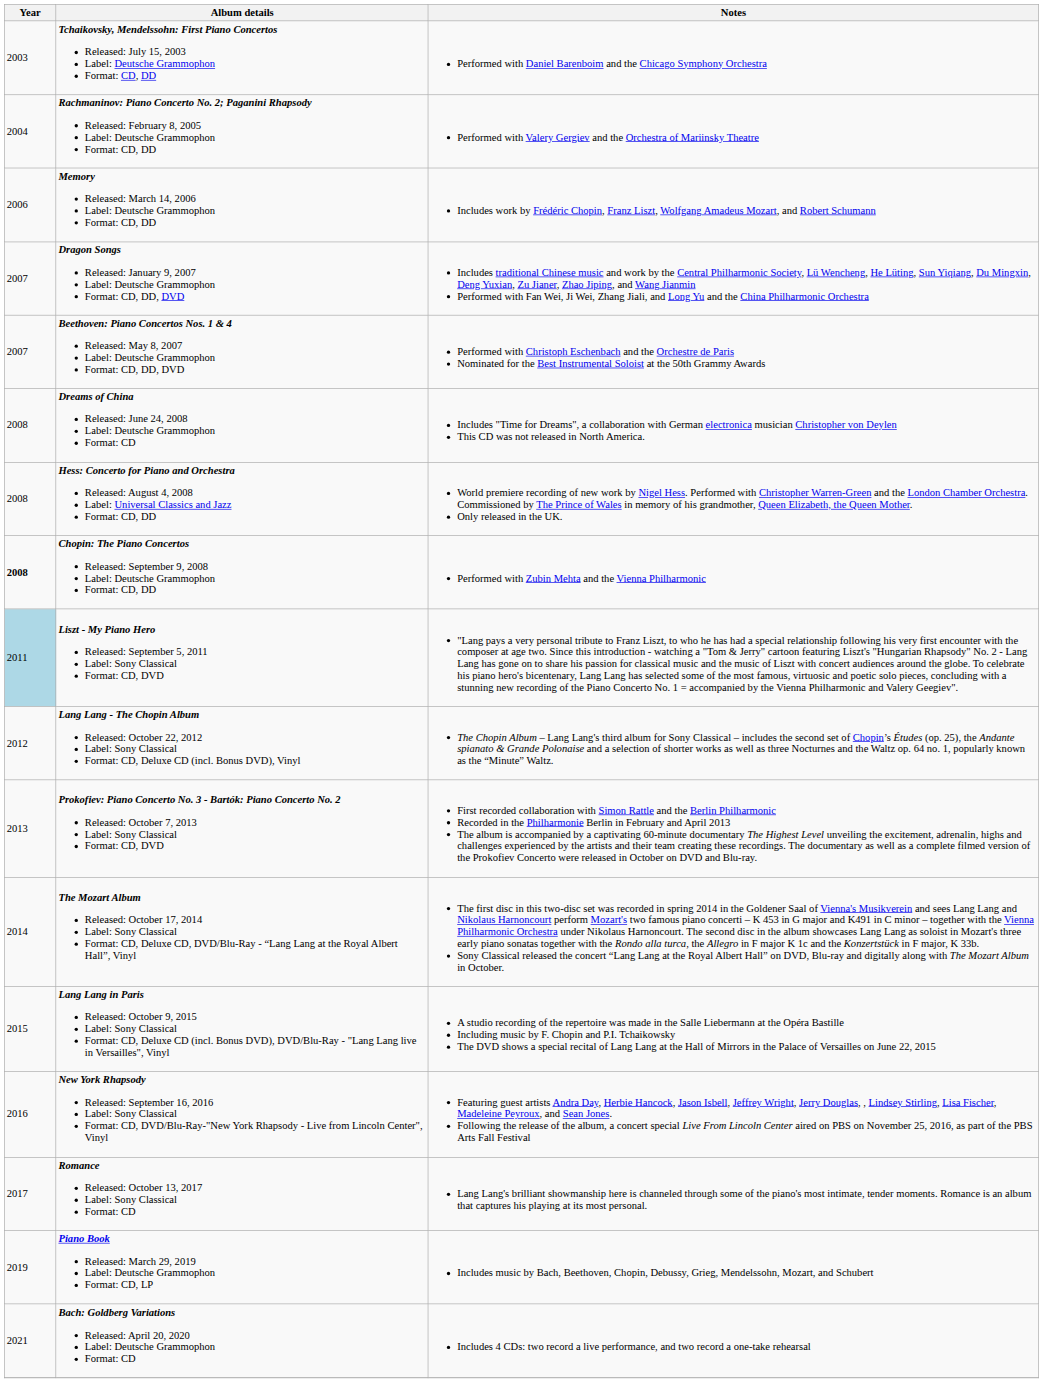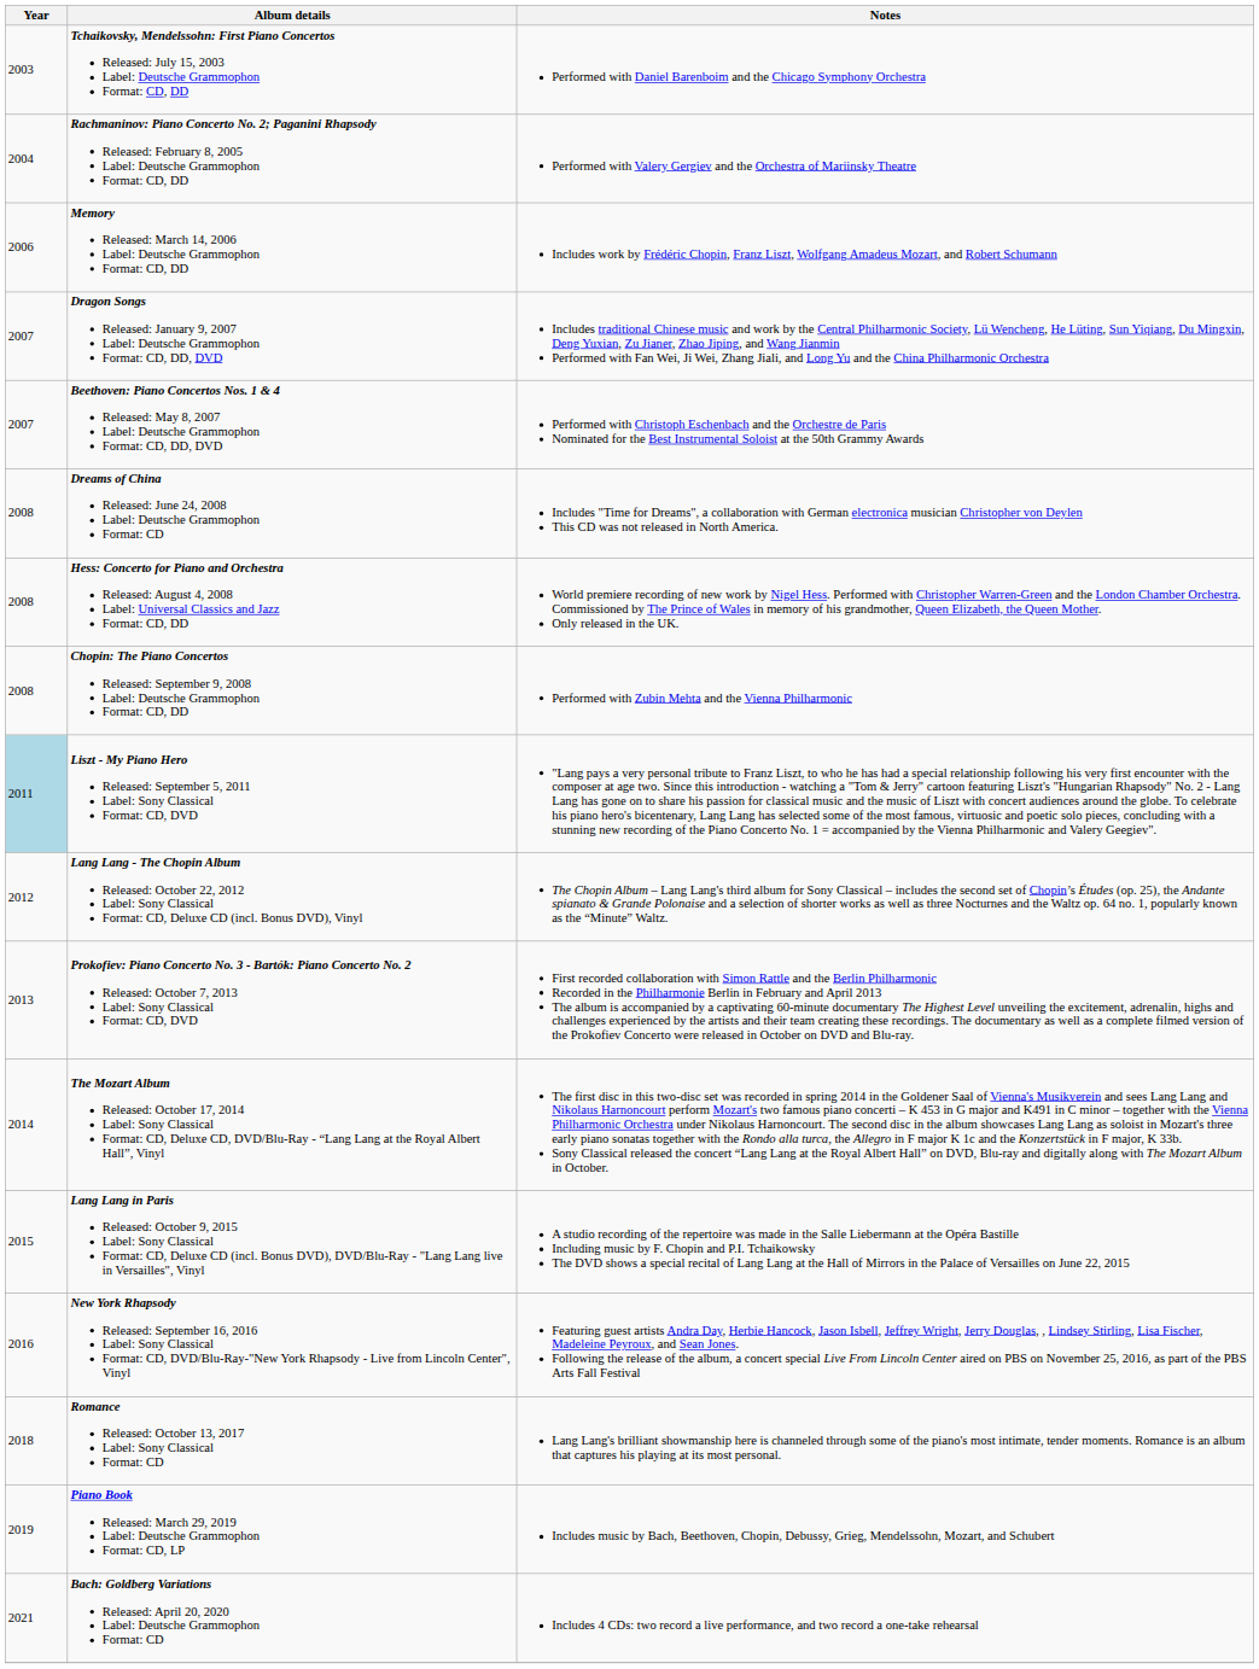 <table class="wikitable sortable" border="1">
 <tr>
 <th width="5%">Year</th>
 <th width="36%">Album details</th>
 <th width="59%" class="unsortable">Notes</th>
 </tr>
 <tr>
 <td>2003</td>
 <td><strong><em>Tchaikovsky, Mendelssohn: First Piano Concertos</em></strong><br><ul><li>Released: July 15, 2003</li><li>Label: <a href='#'>Deutsche Grammophon</a></li><li>Format: <a href='#'>CD</a>, <a href='#'>DD</a></li></ul></td>
 <td><br><ul><li>Performed with <a href='#'>Daniel Barenboim</a> and the <a href='#'>Chicago Symphony Orchestra</a></li></ul></td>
 </tr>
 <tr>
 <td>2004</td>
 <td><strong><em>Rachmaninov: Piano Concerto No. 2; Paganini Rhapsody</em></strong><br><ul><li>Released: February 8, 2005</li><li>Label: Deutsche Grammophon</li><li>Format: CD, DD</li></ul></td>
 <td><br><ul><li>Performed with <a href='#'>Valery Gergiev</a> and the <a href='#'>Orchestra of Mariinsky Theatre</a></li></ul></td>
 </tr>
 <tr>
 <td>2006</td>
 <td><strong><em>Memory</em></strong><br><ul><li>Released: March 14, 2006</li><li>Label: Deutsche Grammophon</li><li>Format: CD, DD</li></ul></td>
 <td><br><ul><li>Includes work by <a href='#'>Frédéric Chopin</a>, <a href='#'>Franz Liszt</a>, <a href='#'>Wolfgang Amadeus Mozart</a>, and <a href='#'>Robert Schumann</a></li></ul></td>
 </tr>
 <tr>
 <td>2007</td>
 <td><strong><em>Dragon Songs</em></strong><br><ul><li>Released: January 9, 2007</li><li>Label: Deutsche Grammophon</li><li>Format: CD, DD, <a href='#'>DVD</a></li></ul></td>
 <td><br><ul><li>Includes <a href='#'>traditional Chinese music</a> and work by the <a href='#'>Central Philharmonic Society</a>, <a href='#'>Lü Wencheng</a>, <a href='#'>He Lüting</a>, <a href='#'>Sun Yiqiang</a>, <a href='#'>Du Mingxin</a>, <a href='#'>Deng Yuxian</a>, <a href='#'>Zu Jianer</a>, <a href='#'>Zhao Jiping</a>, and <a href='#'>Wang Jianmin</a></li><li>Performed with Fan Wei, Ji Wei, Zhang Jiali, and <a href='#'>Long Yu</a> and the <a href='#'>China Philharmonic Orchestra</a></li></ul></td>
 </tr>
 <tr>
 <td>2007</td>
 <td><strong><em>Beethoven: Piano Concertos Nos. 1 & 4</em></strong><br><ul><li>Released: May 8, 2007</li><li>Label: Deutsche Grammophon</li><li>Format: CD, DD, DVD</li></ul></td>
 <td><br><ul><li>Performed with <a href='#'>Christoph Eschenbach</a> and the <a href='#'>Orchestre de Paris</a></li><li>Nominated for the <a href='#'>Best Instrumental Soloist</a> at the 50th Grammy Awards</li></ul></td>
 </tr>
 <tr>
 <td>2008</td>
 <td><strong><em>Dreams of China</em></strong><br><ul><li>Released: June 24, 2008</li><li>Label: Deutsche Grammophon</li><li>Format: CD</li></ul></td>
 <td><br><ul><li>Includes "Time for Dreams", a collaboration with German <a href='#'>electronica</a> musician <a href='#'>Christopher von Deylen</a></li><li>This CD was not released in North America.</li></ul></td>
 </tr>
 <tr>
 <td>2008</td>
 <td><strong><em>Hess: Concerto for Piano and Orchestra</em></strong><br><ul><li>Released: August 4, 2008</li><li>Label: <a href='#'>Universal Classics and Jazz</a></li><li>Format: CD, DD</li></ul></td>
 <td><br><ul><li>World premiere recording of new work by <a href='#'>Nigel Hess</a>. Performed with <a href='#'>Christopher Warren-Green</a> and the <a href='#'>London Chamber Orchestra</a>. Commissioned by <a href='#'>The Prince of Wales</a> in memory of his grandmother, <a href='#'>Queen Elizabeth, the Queen Mother</a>.</li><li>Only released in the UK.</li></ul></td>
 </tr>
 <tr>
-<td><strong>2008</strong></td>
+<td>2008</td>
 <td><strong><em>Chopin: The Piano Concertos</em></strong><br><ul><li>Released: September 9, 2008</li><li>Label: Deutsche Grammophon</li><li>Format: CD, DD</li></ul></td>
 <td><br><ul><li>Performed with <a href='#'>Zubin Mehta</a> and the <a href='#'>Vienna Philharmonic</a></li></ul></td>
 </tr>
 <tr>
 <td style="background: lightblue;">2011</td>
 <td><strong><em>Liszt - My Piano Hero</em></strong><br><ul><li>Released: September 5, 2011</li><li>Label: Sony Classical</li><li>Format: CD, DVD</li></ul></td>
 <td><br><ul><li>"Lang pays a very personal tribute to Franz Liszt, to who he has had a special relationship following his very first encounter with the composer at age two. Since this introduction - watching a "Tom & Jerry" cartoon featuring Liszt's "Hungarian Rhapsody" No. 2 - Lang Lang has gone on to share his passion for classical music and the music of Liszt with concert audiences around the globe. To celebrate his piano hero's bicentenary, Lang Lang has selected some of the most famous, virtuosic and poetic solo pieces, concluding with a stunning new recording of the Piano Concerto No. 1 = accompanied by the Vienna Philharmonic and Valery Geegiev".</li></ul></td>
 </tr>
 <tr>
 <td>2012</td>
 <td><strong><em>Lang Lang - The Chopin Album</em></strong><br><ul><li>Released: October 22, 2012</li><li>Label: Sony Classical</li><li>Format: CD, Deluxe CD (incl. Bonus DVD), Vinyl</li></ul></td>
 <td><br><ul><li><em>The Chopin Album</em> – Lang Lang's third album for Sony Classical – includes the second set of <a href='#'>Chopin</a>’s <em>Études</em> (op. 25), the <em>Andante spianato & Grande Polonaise</em> and a selection of shorter works as well as three Nocturnes and the Waltz op. 64 no. 1, popularly known as the “Minute” Waltz.</li></ul></td>
 </tr>
 <tr>
 <td>2013</td>
 <td><strong><em>Prokofiev: Piano Concerto No. 3 - Bartók: Piano Concerto No. 2</em></strong><br><ul><li>Released: October 7, 2013</li><li>Label: Sony Classical</li><li>Format: CD, DVD</li></ul></td>
 <td><br><ul><li>First recorded collaboration with <a href='#'>Simon Rattle</a> and the <a href='#'>Berlin Philharmonic</a></li><li>Recorded in the <a href='#'>Philharmonie</a> Berlin in February and April 2013</li><li>The album is accompanied by a captivating 60-minute documentary <em>The Highest Level</em> unveiling the excitement, adrenalin, highs and challenges experienced by the artists and their team creating these recordings. The documentary as well as a complete filmed version of the Prokofiev Concerto were released in October on DVD and Blu-ray.</li></ul></td>
 </tr>
 <tr>
 <td>2014</td>
 <td><strong><em>The Mozart Album</em></strong><br><ul><li>Released: October 17, 2014</li><li>Label: Sony Classical</li><li>Format: CD, Deluxe CD, DVD/Blu-Ray - “Lang Lang at the Royal Albert Hall”, Vinyl</li></ul></td>
 <td><br><ul><li>The first disc in this two-disc set was recorded in spring 2014 in the Goldener Saal of <a href='#'>Vienna's Musikverein</a> and sees Lang Lang and <a href='#'>Nikolaus Harnoncourt</a> perform <a href='#'>Mozart's</a> two famous piano concerti – K 453 in G major and K491 in C minor – together with the <a href='#'>Vienna Philharmonic Orchestra</a> under Nikolaus Harnoncourt.  The second disc in the album showcases Lang Lang as soloist in Mozart's three early piano sonatas together with the <em>Rondo alla turca</em>, the <em>Allegro</em> in F major K 1c and the <em>Konzertstück</em> in F major, K 33b.</li><li>Sony Classical released the concert “Lang Lang at the Royal Albert Hall” on DVD, Blu-ray and digitally along with <em>The Mozart Album</em> in October.</li></ul></td>
 </tr>
 <tr>
 <td>2015</td>
 <td><strong><em>Lang Lang in Paris</em></strong><br><ul><li>Released: October 9, 2015</li><li>Label: Sony Classical</li><li>Format: CD, Deluxe CD (incl. Bonus DVD), DVD/Blu-Ray - "Lang Lang live in Versailles", Vinyl</li></ul></td>
 <td><br><ul><li>A studio recording of the repertoire was made in the Salle Liebermann at the Opéra Bastille</li><li>Including music by F. Chopin and P.I. Tchaikowsky</li><li>The DVD shows a special recital of Lang Lang at the Hall of Mirrors in the Palace of Versailles on June 22, 2015</li></ul></td>
 </tr>
 <tr>
 <td>2016</td>
 <td><strong><em>New York Rhapsody</em></strong><br><ul><li>Released: September 16, 2016</li><li>Label: Sony Classical</li><li>Format: CD, DVD/Blu-Ray-"New York Rhapsody - Live from Lincoln Center", Vinyl</li></ul></td>
 <td><br><ul><li>Featuring guest artists <a href='#'>Andra Day</a>, <a href='#'>Herbie Hancock</a>, <a href='#'>Jason Isbell</a>, <a href='#'>Jeffrey Wright</a>, <a href='#'>Jerry Douglas</a>,  , <a href='#'>Lindsey Stirling</a>, <a href='#'>Lisa Fischer</a>, <a href='#'>Madeleine Peyroux</a>, and <a href='#'>Sean Jones</a>.</li><li>Following the release of the album, a concert special <em>Live From Lincoln Center</em> aired on PBS on November 25, 2016, as part of the PBS Arts Fall Festival</li></ul></td>
 </tr>
 <tr>
-<td>2017</td>
+<td>2018</td>
 <td><strong><em>Romance</em></strong><br><ul><li>Released: October 13, 2017</li><li>Label: Sony Classical</li><li>Format: CD</li></ul></td>
 <td><br><ul><li>Lang Lang's brilliant showmanship here is channeled through some of the piano's most intimate, tender moments. Romance is an album that captures his playing at its most personal.</li></ul></td>
 </tr>
 <tr>
 <td>2019</td>
 <td><strong><em><a href='#'>Piano Book</a></em></strong><br><ul><li>Released: March 29, 2019</li><li>Label: Deutsche Grammophon</li><li>Format: CD, LP</li></ul></td>
 <td><br><ul><li>Includes music by Bach, Beethoven, Chopin, Debussy, Grieg, Mendelssohn, Mozart, and Schubert</li></ul></td>
 </tr>
 <tr>
 <td>2021</td>
 <td><strong><em>Bach: Goldberg Variations</em></strong><br><ul><li>Released: April 20, 2020</li><li>Label: Deutsche Grammophon</li><li>Format: CD</li></ul></td>
 <td><br><ul><li>Includes 4 CDs: two record a live performance, and two record a one-take rehearsal</li></ul></td>
 </tr>
 <tr>
 </tr>
 </table>
